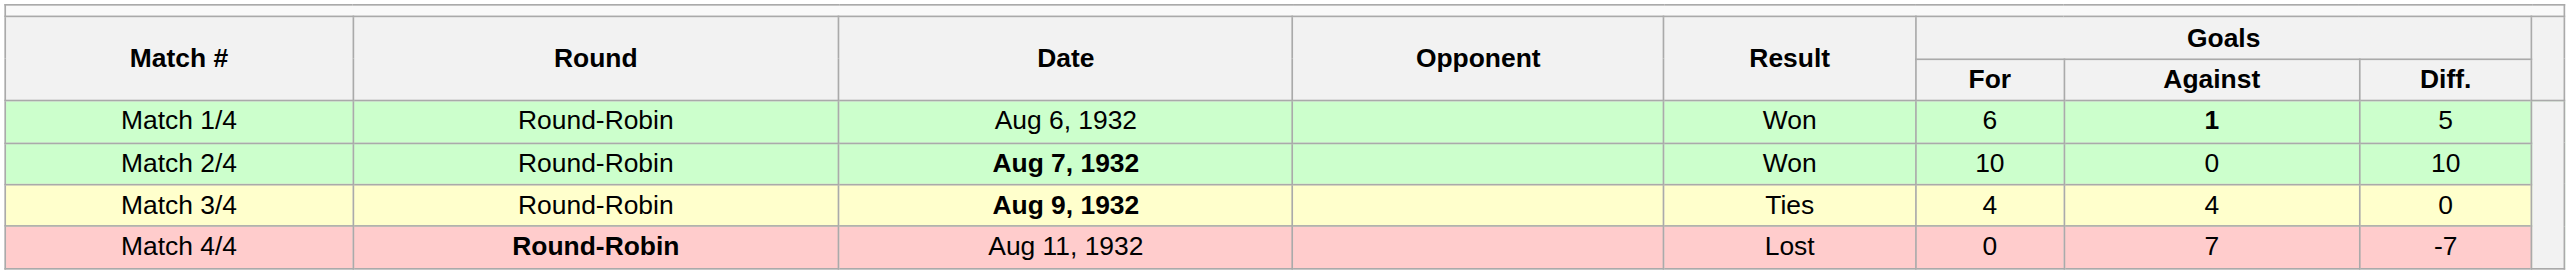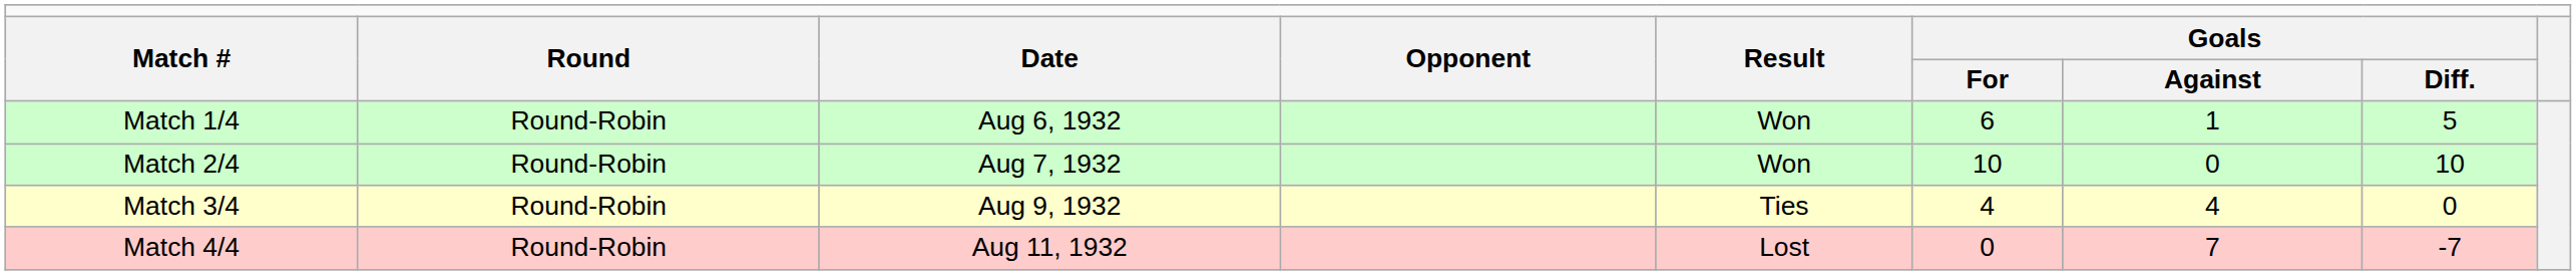 <table class="wikitable" style="text-align: center; width: 98%; font-size: 100%; margin-left: 1em;">
 <tr>
 <td colspan="10"></td>
 </tr>
 <tr>
 <th rowspan="2">Match #</th>
 <th rowspan="2">Round</th>
 <th rowspan="2">Date</th>
 <th rowspan="2">Opponent</th>
 <th rowspan="2">Result</th>
 <th colspan="3">Goals</th>
 <th rowspan="2"></th>
 </tr>
 <tr>
 <th>For</th>
 <th>Against</th>
 <th>Diff.</th>
 </tr>
 <tr style="background: #cfc;">
 <td>Match 1/4</td>
 <td>Round-Robin</td>
 <td>Aug 6, 1932</td>
 <td></td>
 <td>Won</td>
 <td>6</td>
-<td><strong>1</strong></td>
+<td>1</td>
 <td>5</td>
 <td rowspan="4" style="background: #f2f2f2;"></td>
 </tr>
 <tr style="background: #cfc;">
 <td>Match 2/4</td>
 <td>Round-Robin</td>
-<td><strong>Aug 7, 1932</strong></td>
+<td>Aug 7, 1932</td>
 <td></td>
 <td>Won</td>
 <td>10</td>
 <td>0</td>
 <td>10</td>
 </tr>
 <tr style="background: #ffc;">
 <td>Match 3/4</td>
 <td>Round-Robin</td>
-<td><strong>Aug 9, 1932</strong></td>
+<td>Aug 9, 1932</td>
 <td></td>
 <td>Ties</td>
 <td>4</td>
 <td>4</td>
 <td>0</td>
 </tr>
 <tr style="background: #fcc;">
 <td>Match 4/4</td>
-<td><strong>Round-Robin</strong></td>
+<td>Round-Robin</td>
 <td>Aug 11, 1932</td>
 <td></td>
 <td>Lost</td>
 <td>0</td>
 <td>7</td>
 <td>-7</td>
 </tr>
 </table>
